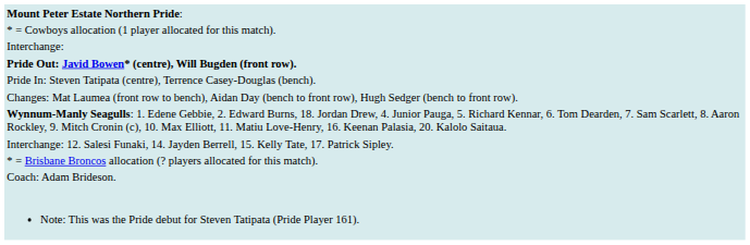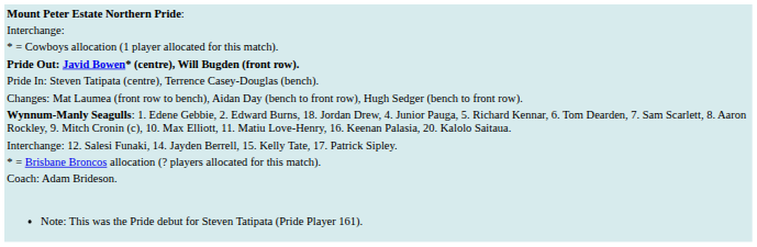 <table style="background:#d7ebed; font-size:85%; width:100%;">
 <tr>
 <td><strong>Mount Peter Estate Northern Pride</strong>:             </td>
 </tr>
 <tr>
-<td>* = Cowboys allocation (1 player allocated for this match).</td>
+<td>Interchange:    </td>
 </tr>
 <tr>
-<td>Interchange:    </td>
+<td>* = Cowboys allocation (1 player allocated for this match).</td>
 </tr>
 <tr>
 <td><strong>Pride Out: <a href='#'>Javid Bowen</a>* (centre), Will Bugden (front row).</strong></td>
 </tr>
 <tr>
 <td>Pride In: Steven Tatipata (centre), Terrence Casey-Douglas (bench).</td>
 </tr>
 <tr>
 <td>Changes: Mat Laumea (front row to bench), Aidan Day (bench to front row), Hugh Sedger (bench to front row).</td>
 </tr>
 <tr>
 <td><strong>Wynnum-Manly Seagulls</strong>: 1. Edene Gebbie, 2. Edward Burns, 18. Jordan Drew, 4. Junior Pauga, 5. Richard Kennar, 6. Tom Dearden, 7. Sam Scarlett, 8. Aaron Rockley, 9. Mitch Cronin (c), 10. Max Elliott, 11. Matiu Love-Henry, 16. Keenan Palasia, 20. Kalolo Saitaua.</td>
 </tr>
 <tr>
 <td>Interchange: 12. Salesi Funaki, 14. Jayden Berrell, 15. Kelly Tate, 17. Patrick Sipley.</td>
 </tr>
 <tr>
 <td>* = <a href='#'>Brisbane Broncos</a> allocation (? players allocated for this match).</td>
 </tr>
 <tr>
 <td>Coach: Adam Brideson.</td>
 </tr>
 <tr>
 <td><br><ul><li>Note: This was the Pride debut for Steven Tatipata (Pride Player 161).</li></ul></td>
 </tr>
 </table>
